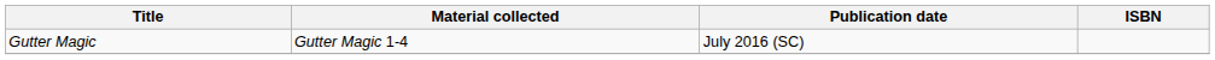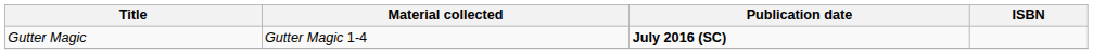 <table class="wikitable" style="width:100%;">
 <tr>
 <th>Title</th>
 <th>Material collected</th>
 <th>Publication date</th>
 <th>ISBN</th>
 </tr>
 <tr>
 <td><em>Gutter Magic</em></td>
 <td><em>Gutter Magic</em> 1-4</td>
-<td>July 2016 (SC)</td>
+<td><strong>July 2016 (SC)</strong></td>
 <td></td>
 </tr>
 <tr>
 </tr>
 </table>
